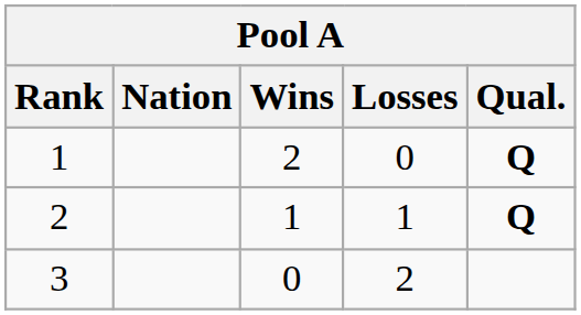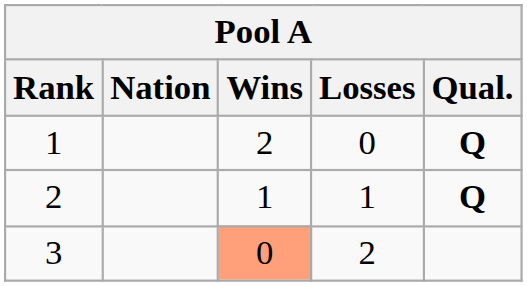 <table class="wikitable" style="text-align:center">
 <tr>
 <th colspan=5 align=center><strong>Pool A</strong></th>
 </tr>
 <tr>
 <th>Rank</th>
 <th>Nation</th>
 <th>Wins</th>
 <th>Losses</th>
 <th>Qual.</th>
 </tr>
 <tr>
 <td>1</td>
 <td align=left></td>
 <td>2</td>
 <td>0</td>
 <td><strong>Q</strong></td>
 </tr>
 <tr>
 <td>2</td>
 <td align=left></td>
 <td>1</td>
 <td>1</td>
 <td><strong>Q</strong></td>
 </tr>
 <tr>
 <td>3</td>
 <td align=left></td>
-<td>0</td>
+<td style="background: lightsalmon;">0</td>
 <td>2</td>
 <td></td>
 </tr>
 </table>
